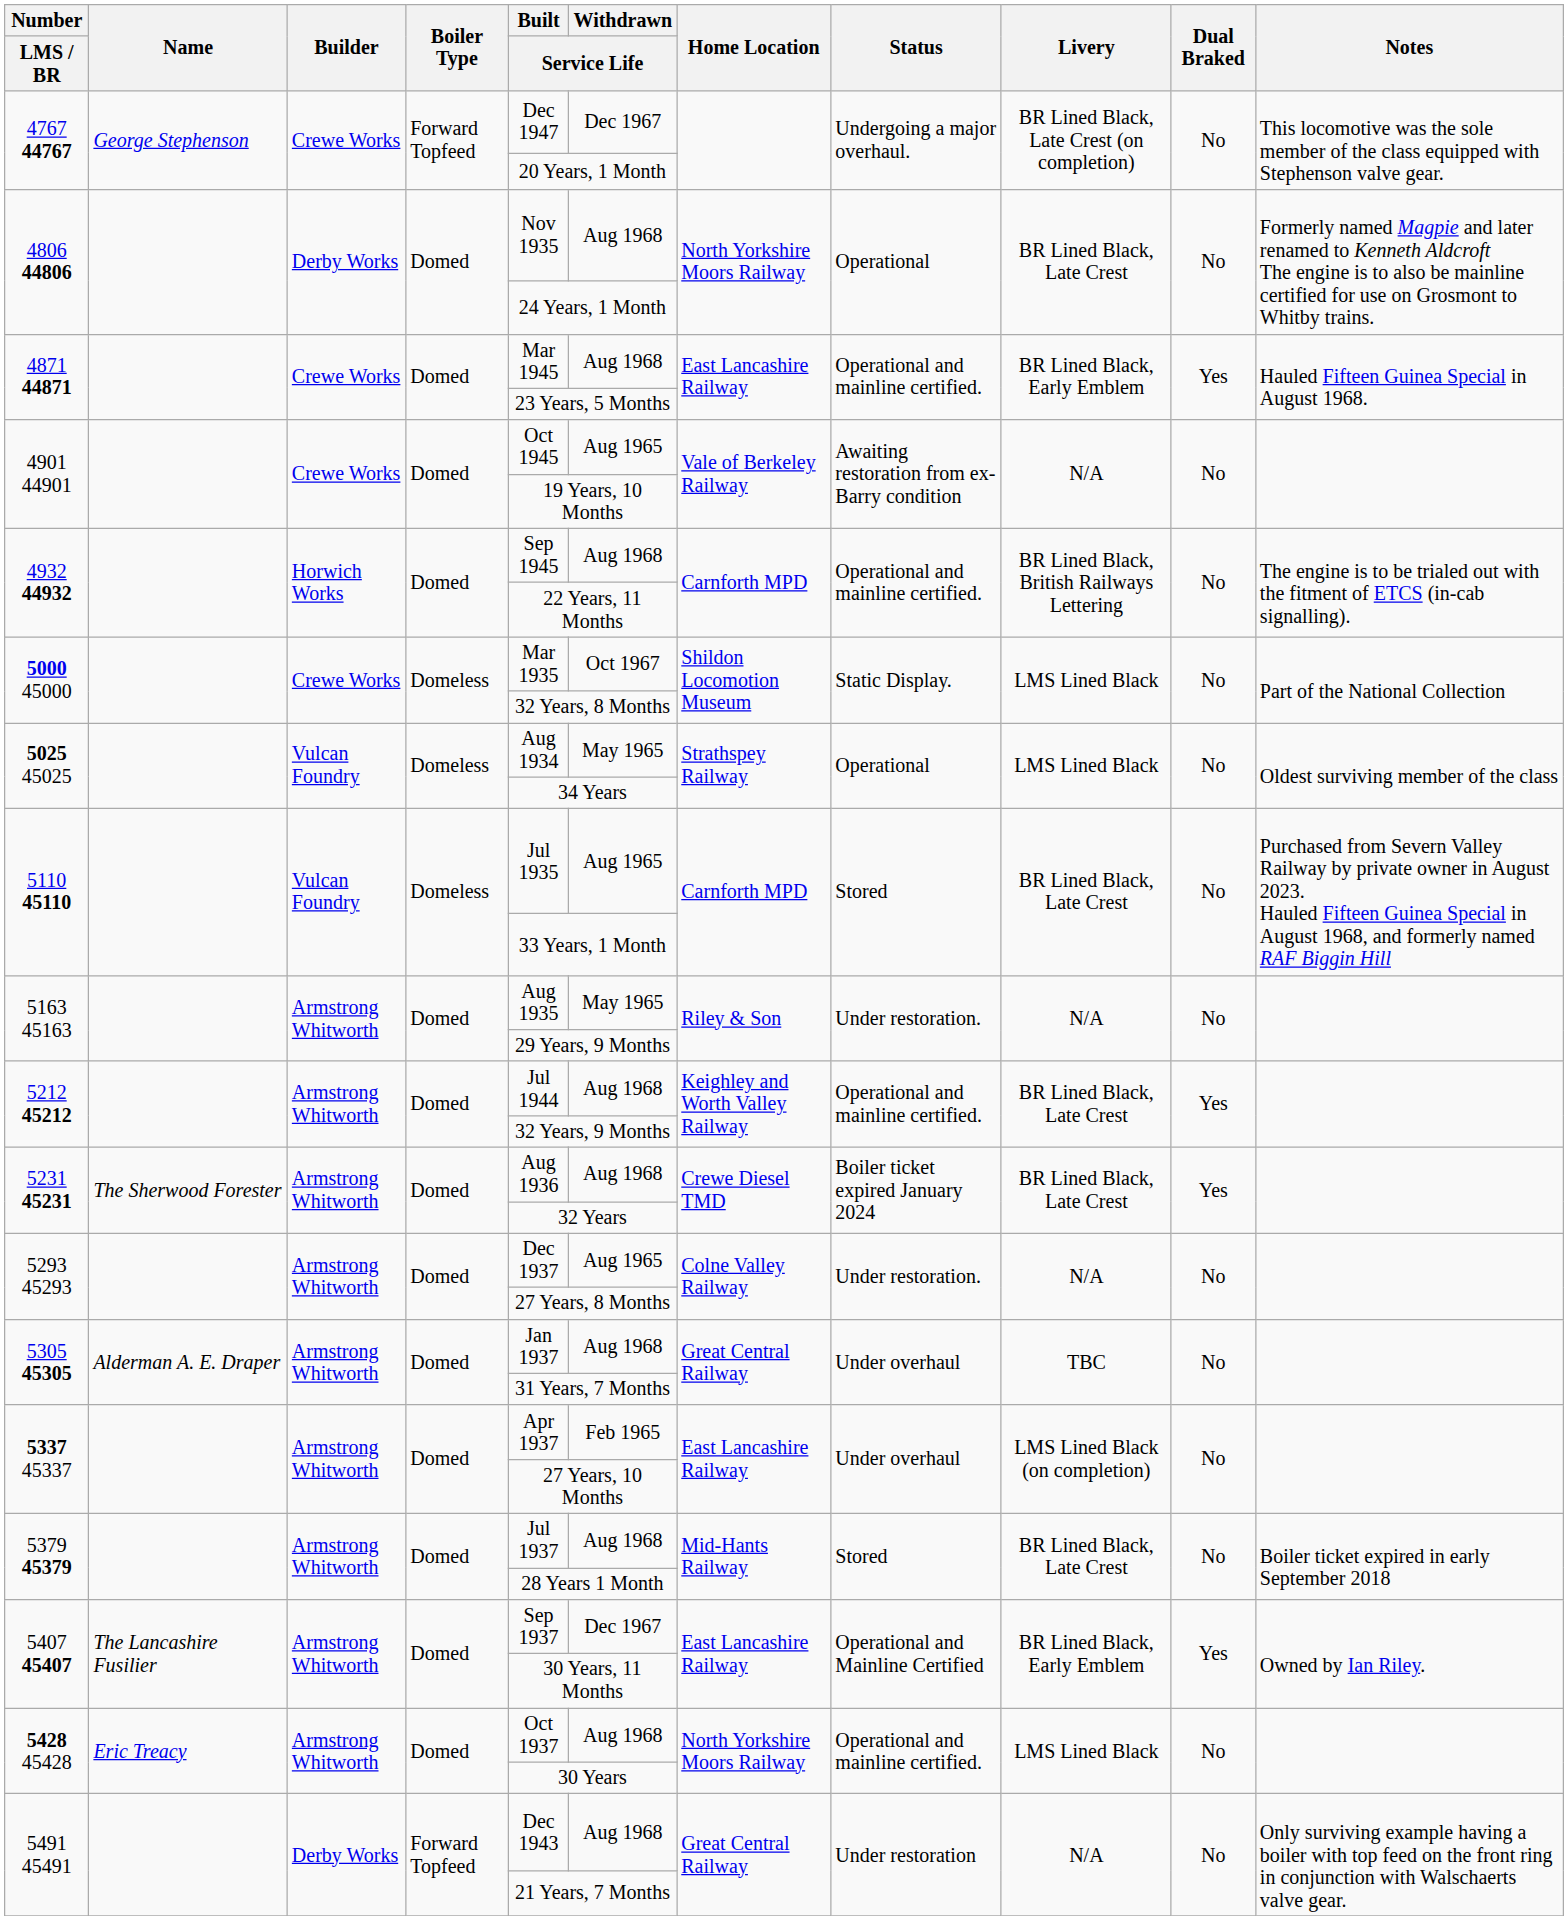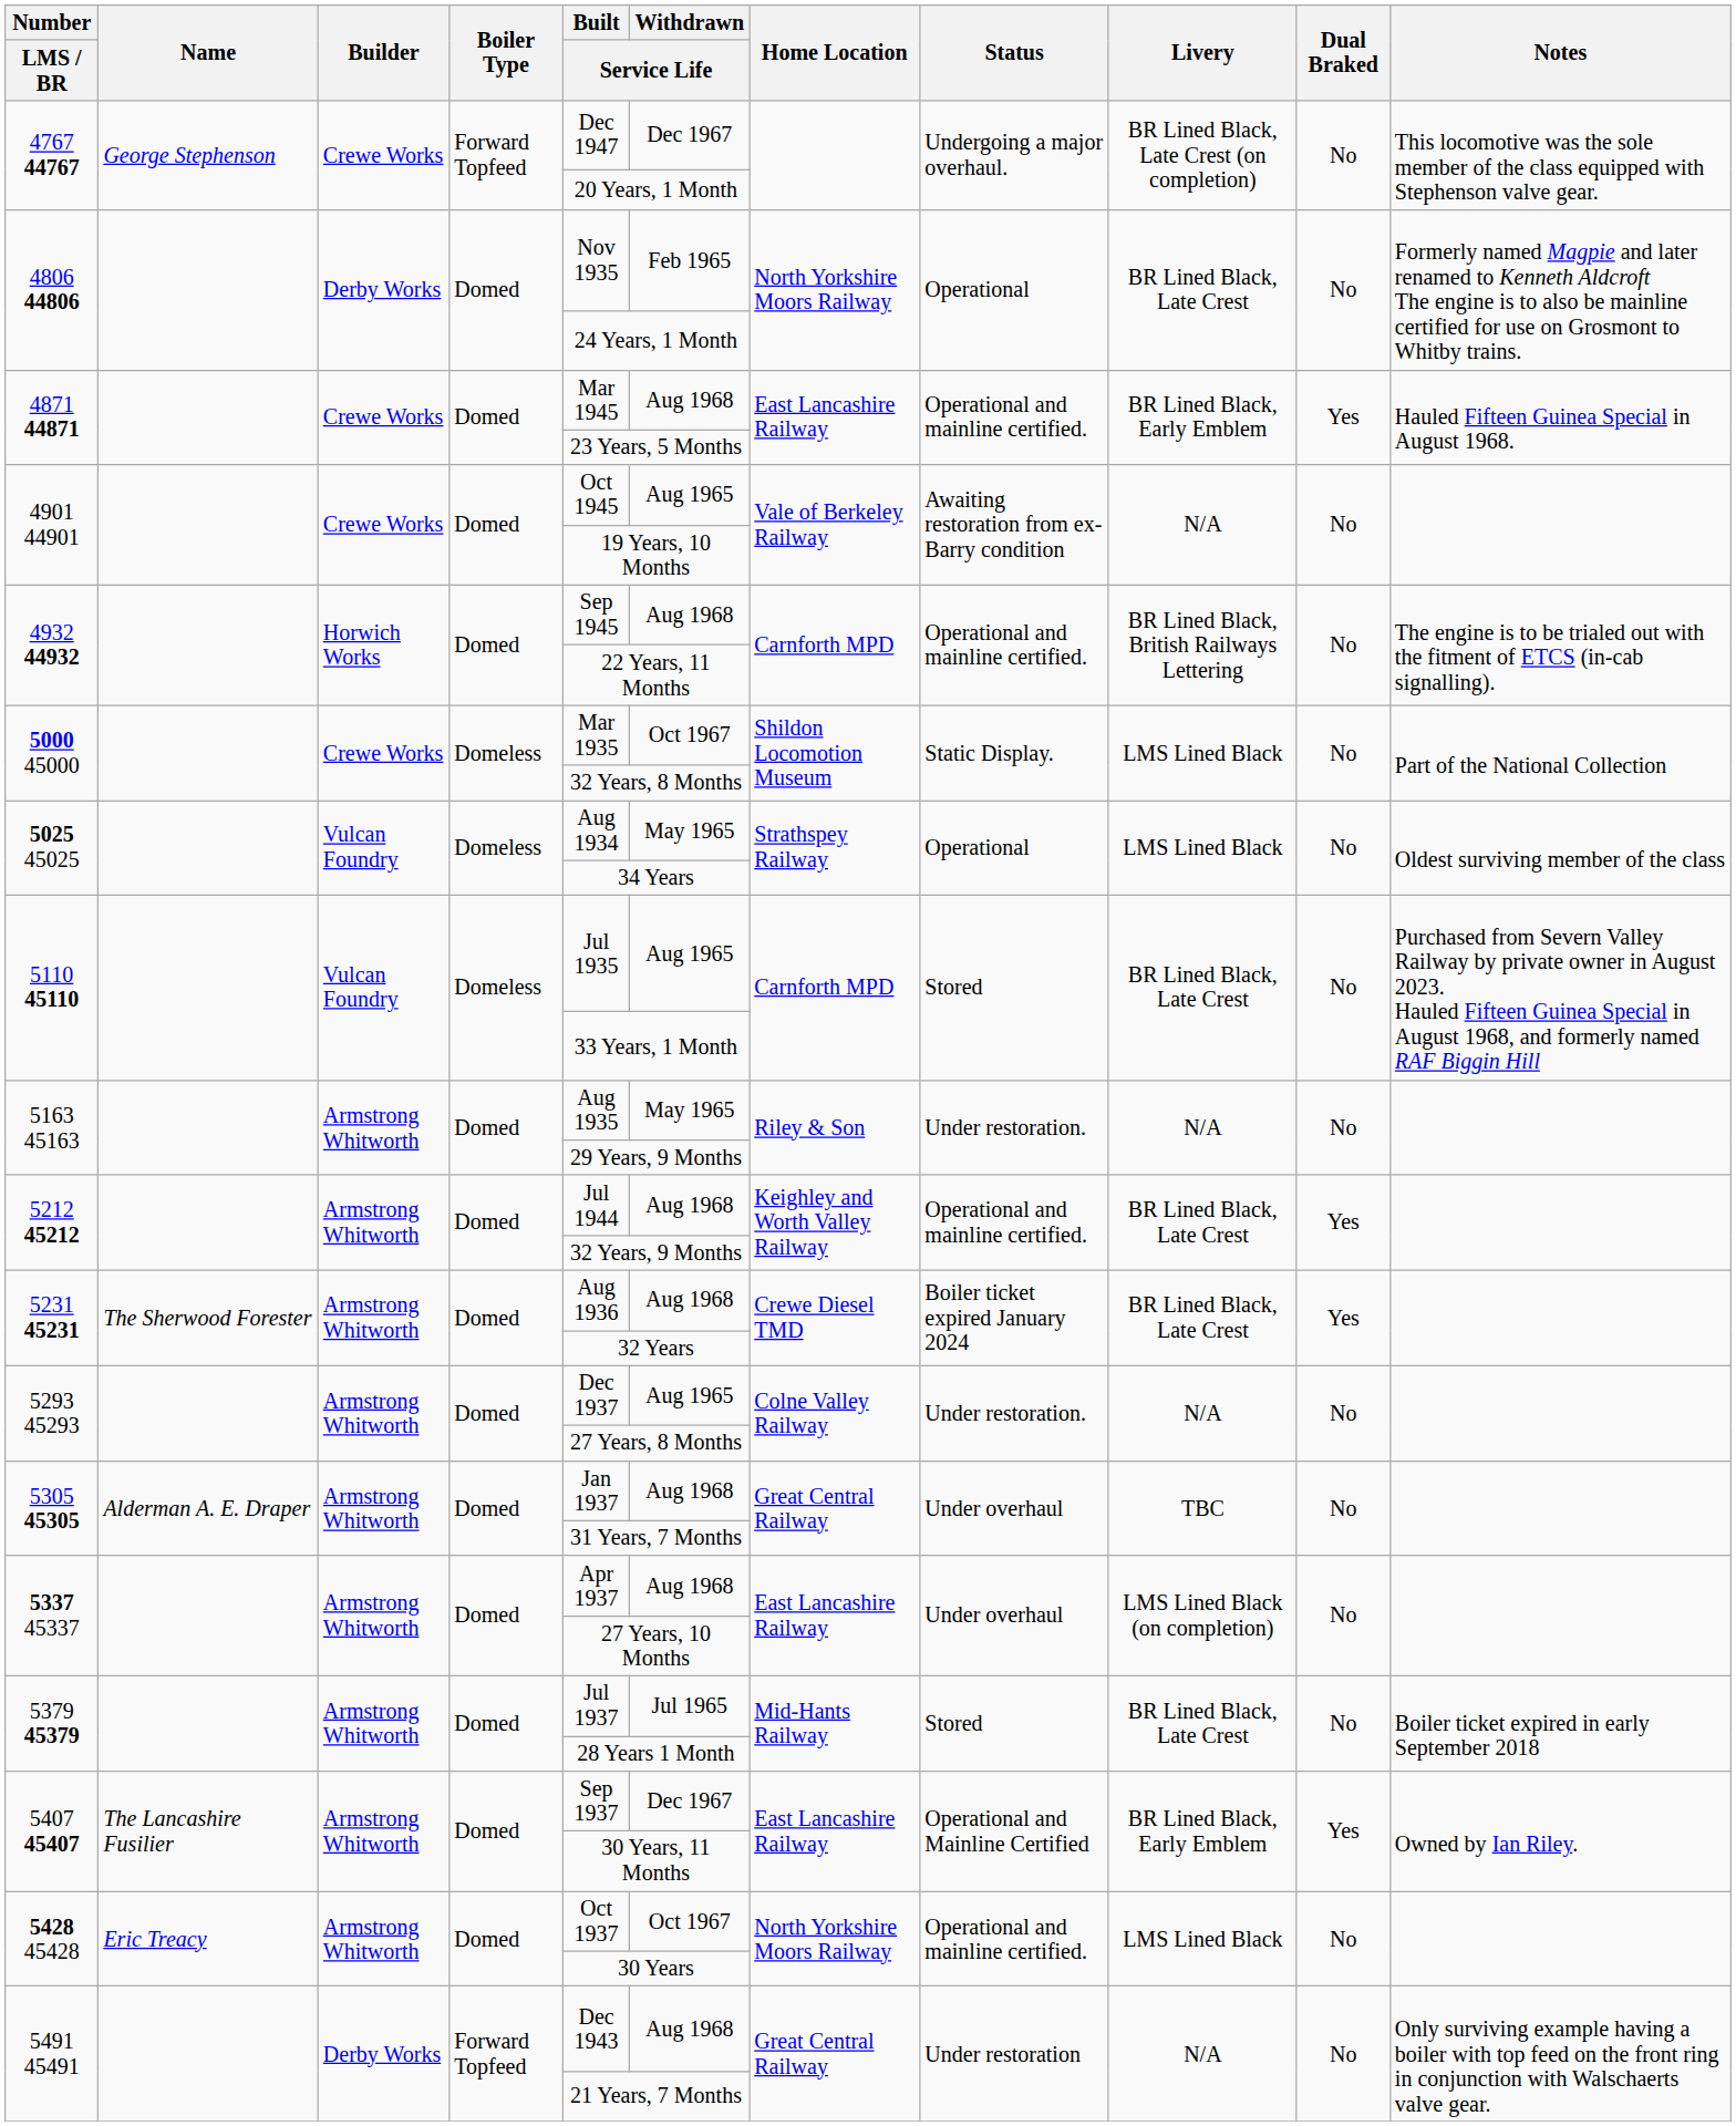 <table class="wikitable sortable">
 <tr>
 <th>Number</th>
 <th rowspan=2>Name</th>
 <th rowspan=2>Builder</th>
 <th rowspan=2>Boiler Type</th>
 <th rowspan=1>Built</th>
 <th rowspan=1>Withdrawn</th>
 <th rowspan=2>Home Location</th>
 <th rowspan=2>Status</th>
 <th rowspan=2>Livery</th>
 <th rowspan=2>Dual Braked</th>
 <th rowspan=2>Notes</th>
 </tr>
 <tr>
 <th>LMS / BR</th>
 <th colspan=2>Service Life</th>
 </tr>
 <tr>
 <td rowspan=2 align=center><a href='#'>4767</a> <br> <strong>44767</strong></td>
 <td rowspan=2><em><a href='#'>George Stephenson</a></em></td>
 <td rowspan=2><a href='#'>Crewe Works</a></td>
 <td rowspan=2>Forward Topfeed</td>
 <td align=center>Dec 1947</td>
 <td align=center>Dec 1967</td>
 <td rowspan=2></td>
 <td rowspan=2>Undergoing a major overhaul.</td>
 <td rowspan=2 align=center>BR Lined Black, Late Crest (on completion)</td>
 <td rowspan=2 align=center>No</td>
 <td rowspan=2><br>This locomotive was the sole member of the class equipped with Stephenson valve gear.</td>
 </tr>
 <tr>
 <td colspan=2 align=center>20 Years, 1 Month</td>
 </tr>
 <tr>
 <td rowspan=2 align=center><a href='#'>4806</a> <br> <strong>44806</strong></td>
 <td rowspan=2></td>
 <td rowspan=2><a href='#'>Derby Works</a></td>
 <td rowspan=2>Domed</td>
 <td align=center>Nov 1935</td>
-<td align=center>Aug 1968</td>
+<td align=center>Feb 1965</td>
 <td rowspan=2><a href='#'>North Yorkshire Moors Railway</a></td>
 <td rowspan=2>Operational</td>
 <td rowspan=2 align=center>BR Lined Black, Late Crest</td>
 <td rowspan=2 align=center>No</td>
 <td rowspan=2><br>Formerly named <em><a href='#'>Magpie</a></em> and later renamed to <em>Kenneth Aldcroft</em><br>The engine is to also be mainline certified for use on Grosmont to Whitby trains.</td>
 </tr>
 <tr>
 <td colspan=2 align=center>24 Years, 1 Month</td>
 </tr>
 <tr>
 <td rowspan=2 align=center><a href='#'>4871</a> <br> <strong>44871</strong></td>
 <td rowspan=2></td>
 <td rowspan=2><a href='#'>Crewe Works</a></td>
 <td rowspan=2>Domed</td>
 <td align=center>Mar 1945</td>
 <td align=center>Aug 1968</td>
 <td rowspan=2><a href='#'>East Lancashire Railway</a></td>
 <td rowspan=2>Operational and mainline certified.</td>
 <td rowspan=2 align=center>BR Lined Black, Early Emblem</td>
 <td rowspan=2 align=center>Yes</td>
 <td rowspan=2><br>Hauled <a href='#'>Fifteen Guinea Special</a> in August 1968.</td>
 </tr>
 <tr>
 <td colspan=2 align=center>23 Years, 5 Months</td>
 </tr>
 <tr>
 <td rowspan=2 align=center>4901 <br> 44901</td>
 <td rowspan=2></td>
 <td rowspan=2><a href='#'>Crewe Works</a></td>
 <td rowspan=2>Domed</td>
 <td align=center>Oct 1945</td>
 <td align=center>Aug 1965</td>
 <td rowspan=2><a href='#'>Vale of Berkeley Railway</a></td>
 <td rowspan=2>Awaiting restoration from ex-Barry condition</td>
 <td rowspan=2 align=center>N/A</td>
 <td rowspan=2 align=center>No</td>
 <td rowspan=2></td>
 </tr>
 <tr>
 <td colspan=2 align=center>19 Years, 10 Months</td>
 </tr>
 <tr>
 <td rowspan=2 align=center><a href='#'>4932</a> <br> <strong>44932</strong></td>
 <td rowspan=2></td>
 <td rowspan=2><a href='#'>Horwich Works</a></td>
 <td rowspan=2>Domed</td>
 <td align=center>Sep 1945</td>
 <td align=center>Aug 1968</td>
 <td rowspan=2><a href='#'>Carnforth MPD</a></td>
 <td rowspan=2>Operational and mainline certified.</td>
 <td rowspan=2 align=center>BR Lined Black, British Railways Lettering</td>
 <td rowspan=2 align=center>No</td>
 <td rowspan=2><br>The engine is to be trialed out with the fitment of <a href='#'>ETCS</a> (in-cab signalling).</td>
 </tr>
 <tr>
 <td colspan=2 align=center>22 Years, 11 Months</td>
 </tr>
 <tr>
 <td rowspan=2 align=center><a href='#'><strong>5000</strong></a> <br> 45000</td>
 <td rowspan=2></td>
 <td rowspan=2><a href='#'>Crewe Works</a></td>
 <td rowspan=2>Domeless</td>
 <td align=center>Mar 1935</td>
 <td align=center>Oct 1967</td>
 <td rowspan=2><a href='#'>Shildon Locomotion Museum</a></td>
 <td rowspan=2>Static Display.</td>
 <td rowspan=2 align=center>LMS Lined Black</td>
 <td rowspan=2 align=center>No</td>
 <td rowspan=2><br>Part of the National Collection</td>
 </tr>
 <tr>
 <td colspan=2 align=center>32 Years, 8 Months</td>
 </tr>
 <tr>
 <td rowspan=2 align=center><strong>5025</strong> <br> 45025</td>
 <td rowspan=2></td>
 <td rowspan=2><a href='#'>Vulcan Foundry</a></td>
 <td rowspan=2>Domeless</td>
 <td align=center>Aug 1934</td>
 <td align=center>May 1965</td>
 <td rowspan=2><a href='#'>Strathspey Railway</a></td>
 <td rowspan=2>Operational</td>
 <td rowspan=2 align=center>LMS Lined Black</td>
 <td rowspan=2 align=center>No</td>
 <td rowspan=2><br>Oldest surviving member of the class</td>
 </tr>
 <tr>
 <td colspan=2 align=center>34 Years</td>
 </tr>
 <tr>
 <td rowspan=2 align=center><a href='#'>5110</a> <br> <strong>45110</strong></td>
 <td rowspan=2></td>
 <td rowspan=2><a href='#'>Vulcan Foundry</a></td>
 <td rowspan=2>Domeless</td>
 <td align=center>Jul 1935</td>
 <td align=center>Aug 1965</td>
 <td rowspan=2><a href='#'>Carnforth MPD</a></td>
 <td rowspan=2>Stored</td>
 <td rowspan=2 align=center>BR Lined Black, Late Crest</td>
 <td rowspan=2 align=center>No</td>
 <td rowspan=2><br>Purchased from Severn Valley Railway by private owner in August 2023.<br>Hauled <a href='#'>Fifteen Guinea Special</a> in August 1968, and formerly named <em><a href='#'>RAF Biggin Hill</a></em></td>
 </tr>
 <tr>
 <td colspan=2 align=center>33 Years, 1 Month</td>
 </tr>
 <tr>
 <td rowspan=2 align=center>5163 <br> 45163</td>
 <td rowspan=2></td>
 <td rowspan=2><a href='#'>Armstrong Whitworth</a></td>
 <td rowspan=2>Domed</td>
 <td align=center>Aug 1935</td>
 <td align=center>May 1965</td>
 <td rowspan=2><a href='#'>Riley & Son</a></td>
 <td rowspan=2>Under restoration.</td>
 <td rowspan=2 align=center>N/A</td>
 <td rowspan=2 align=center>No</td>
 <td rowspan=2></td>
 </tr>
 <tr>
 <td colspan=2 align=center>29 Years, 9 Months</td>
 </tr>
 <tr>
 <td rowspan=2 align=center><a href='#'>5212</a> <br> <strong>45212</strong></td>
 <td rowspan=2></td>
 <td rowspan=2><a href='#'>Armstrong Whitworth</a></td>
 <td rowspan=2>Domed</td>
 <td align=center>Jul 1944</td>
 <td align=center>Aug 1968</td>
 <td rowspan=2><a href='#'>Keighley and Worth Valley Railway</a></td>
 <td rowspan=2>Operational and mainline certified.</td>
 <td rowspan=2 align=center>BR Lined Black, Late Crest</td>
 <td rowspan=2 align=center>Yes</td>
 <td rowspan=2></td>
 </tr>
 <tr>
 <td colspan=2 align=center>32 Years, 9 Months</td>
 </tr>
 <tr>
 <td rowspan=2 align=center><a href='#'>5231</a> <br> <strong>45231</strong></td>
 <td rowspan=2><em>The Sherwood Forester</em></td>
 <td rowspan=2><a href='#'>Armstrong Whitworth</a></td>
 <td rowspan=2>Domed</td>
 <td align=center>Aug 1936</td>
 <td align=center>Aug 1968</td>
 <td rowspan=2><a href='#'>Crewe Diesel TMD</a></td>
 <td rowspan=2>Boiler ticket expired January 2024</td>
 <td rowspan=2 align=center>BR Lined Black, Late Crest</td>
 <td rowspan=2 align=center>Yes</td>
 <td rowspan=2></td>
 </tr>
 <tr>
 <td colspan=2 align=center>32 Years</td>
 </tr>
 <tr>
 <td rowspan=2 align=center>5293 <br> 45293</td>
 <td rowspan=2></td>
 <td rowspan=2><a href='#'>Armstrong Whitworth</a></td>
 <td rowspan=2>Domed</td>
 <td align=center>Dec 1937</td>
 <td align=center>Aug 1965</td>
 <td rowspan=2><a href='#'>Colne Valley Railway</a></td>
 <td rowspan=2>Under restoration.</td>
 <td rowspan=2 align=center>N/A</td>
 <td rowspan=2 align=center>No</td>
 <td rowspan=2></td>
 </tr>
 <tr>
 <td colspan=2 align=center>27 Years, 8 Months</td>
 </tr>
 <tr>
 <td rowspan=2 align=center><a href='#'>5305</a> <br> <strong>45305</strong></td>
 <td rowspan=2><em>Alderman A. E. Draper</em></td>
 <td rowspan=2><a href='#'>Armstrong Whitworth</a></td>
 <td rowspan=2>Domed</td>
 <td align=center>Jan 1937</td>
 <td align=center>Aug 1968</td>
 <td rowspan=2><a href='#'>Great Central Railway</a></td>
 <td rowspan=2>Under overhaul</td>
 <td rowspan=2 align=center>TBC</td>
 <td rowspan=2 align=center>No</td>
 <td rowspan=2></td>
 </tr>
 <tr>
 <td colspan=2 align=center>31 Years, 7 Months</td>
 </tr>
 <tr>
 <td rowspan=2 align=center><strong>5337</strong> <br> 45337</td>
 <td rowspan=2></td>
 <td rowspan=2><a href='#'>Armstrong Whitworth</a></td>
 <td rowspan=2>Domed</td>
 <td align=center>Apr 1937</td>
-<td align=center>Feb 1965</td>
+<td align=center>Aug 1968</td>
 <td rowspan=2><a href='#'>East Lancashire Railway</a></td>
 <td rowspan=2>Under overhaul</td>
 <td rowspan=2 align=center>LMS Lined Black (on completion)</td>
 <td rowspan=2 align=center>No</td>
 <td rowspan=2></td>
 </tr>
 <tr>
 <td colspan=2 align=center>27 Years, 10 Months</td>
 </tr>
 <tr>
 <td rowspan=2 align=center>5379 <br> <strong>45379</strong></td>
 <td rowspan=2></td>
 <td rowspan=2><a href='#'>Armstrong Whitworth</a></td>
 <td rowspan=2>Domed</td>
 <td align=center>Jul 1937</td>
-<td align=center>Aug 1968</td>
+<td align=center>Jul 1965</td>
 <td rowspan=2><a href='#'>Mid-Hants Railway</a></td>
 <td rowspan=2>Stored</td>
 <td rowspan=2 align=center>BR Lined Black, Late Crest</td>
 <td rowspan=2 align=center>No</td>
 <td rowspan=2><br>Boiler ticket expired in early September 2018</td>
 </tr>
 <tr>
 <td colspan=2 align=center>28 Years 1 Month</td>
 </tr>
 <tr>
 <td rowspan=2 align=center>5407 <br> <strong>45407</strong></td>
 <td rowspan=2><em>The Lancashire Fusilier</em></td>
 <td rowspan=2><a href='#'>Armstrong Whitworth</a></td>
 <td rowspan=2>Domed</td>
 <td align=center>Sep 1937</td>
 <td align=center>Dec 1967</td>
 <td rowspan=2><a href='#'>East Lancashire Railway</a></td>
 <td rowspan=2>Operational and Mainline Certified</td>
 <td rowspan=2 align=center>BR Lined Black, Early Emblem</td>
 <td rowspan=2 align=center>Yes</td>
 <td rowspan=2><br>Owned by <a href='#'>Ian Riley</a>.</td>
 </tr>
 <tr>
 <td colspan=2 align=center>30 Years, 11 Months</td>
 </tr>
 <tr>
 <td rowspan=2 align=center><strong>5428</strong> <br> 45428</td>
 <td rowspan=2><em><a href='#'>Eric Treacy</a></em></td>
 <td rowspan=2><a href='#'>Armstrong Whitworth</a></td>
 <td rowspan=2>Domed</td>
 <td align=center>Oct 1937</td>
-<td align=center>Aug 1968</td>
+<td align=center>Oct 1967</td>
 <td rowspan=2><a href='#'>North Yorkshire Moors Railway</a></td>
 <td rowspan=2>Operational and mainline certified.</td>
 <td rowspan=2 align=center>LMS Lined Black</td>
 <td rowspan=2 align=center>No</td>
 <td rowspan=2></td>
 </tr>
 <tr>
 <td colspan=2 align=center>30 Years</td>
 </tr>
 <tr>
 <td rowspan=2 align=center>5491 <br> 45491</td>
 <td rowspan=2></td>
 <td rowspan=2><a href='#'>Derby Works</a></td>
 <td rowspan=2>Forward Topfeed</td>
 <td align=center>Dec 1943</td>
 <td align=center>Aug 1968</td>
 <td rowspan=2><a href='#'>Great Central Railway</a></td>
 <td rowspan=2>Under restoration</td>
 <td rowspan=2 align=center>N/A</td>
 <td rowspan=2 align=center>No</td>
 <td rowspan=2><br>Only surviving example having a boiler with top feed on the front ring in conjunction with Walschaerts valve gear.</td>
 </tr>
 <tr>
 <td colspan=2 align=center>21 Years, 7 Months</td>
 </tr>
 </table>
